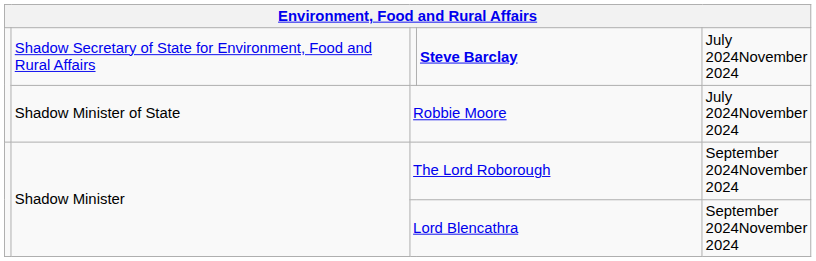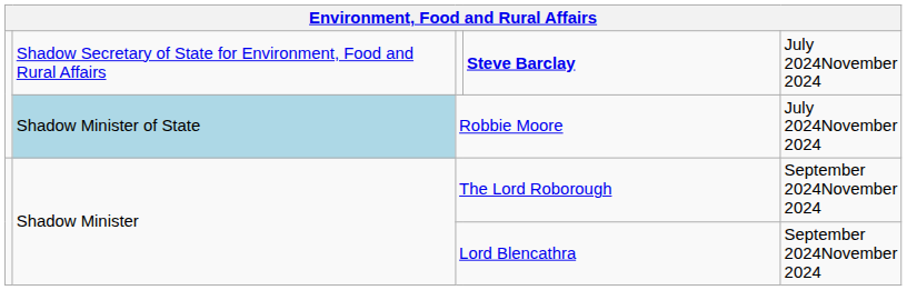 <table class="wikitable">
 <tr>
 <th colspan="5"><a href='#'>Environment, Food and Rural Affairs</a></th>
 </tr>
 <tr>
 <td rowspan="2" style="background: "></td>
 <td style="width: 450px;"><a href='#'>Shadow Secretary of State for Environment, Food and Rural Affairs</a></td>
 <td style="background: "></td>
 <td style="width: 320px;"><strong><a href='#'>Steve Barclay</a></strong></td>
 <td>July 2024November 2024</td>
 </tr>
 <tr>
-<td>Shadow Minister of State</td>
+<td style="background: lightblue;">Shadow Minister of State</td>
 <td colspan="2"><a href='#'>Robbie Moore</a></td>
 <td>July 2024November 2024</td>
 </tr>
 <tr>
 <td rowspan="2" style="background: "></td>
 <td rowspan="2">Shadow Minister</td>
 <td colspan="2"><a href='#'>The Lord Roborough</a></td>
 <td>September 2024November 2024</td>
 </tr>
 <tr>
 <td colspan="2"><a href='#'>Lord Blencathra</a></td>
 <td>September 2024November 2024</td>
 </tr>
 </table>
